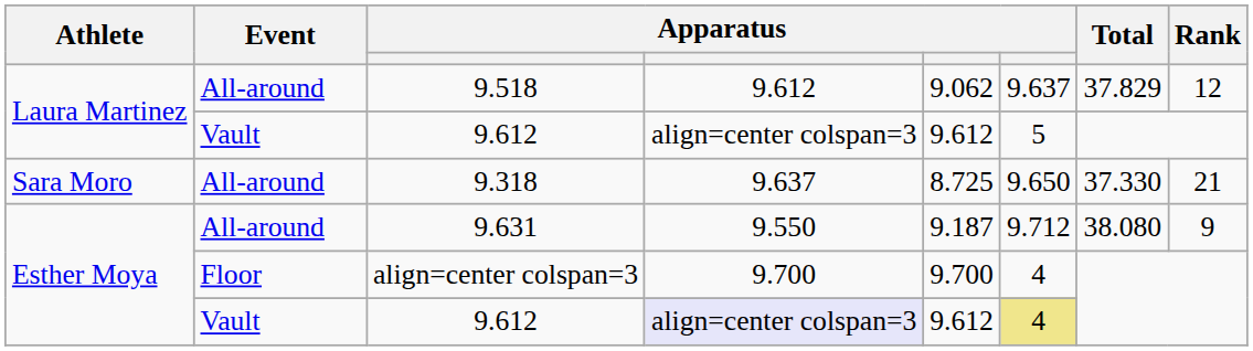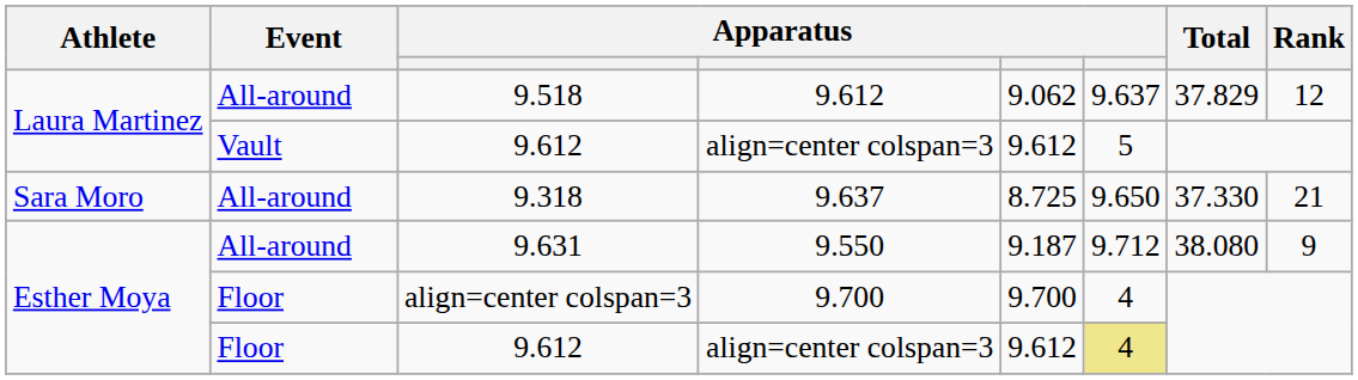 <table class="wikitable" style="font-size:90%">
 <tr>
 <th rowspan=2>Athlete</th>
 <th rowspan=2>Event</th>
 <th colspan =4>Apparatus</th>
 <th rowspan=2>Total</th>
 <th rowspan=2>Rank</th>
 </tr>
 <tr style="font-size:95%">
 <th></th>
 <th></th>
 <th></th>
 <th></th>
 </tr>
 <tr>
 <td rowspan=2 align=left><a href='#'>Laura Martinez</a></td>
 <td align=left><a href='#'>All-around</a>     </td>
 <td align=center>9.518</td>
 <td align=center>9.612</td>
 <td align=center>9.062</td>
 <td align=center>9.637</td>
 <td align=center>37.829</td>
 <td align=center>12</td>
 </tr>
 <tr>
 <td align=left><a href='#'>Vault</a></td>
 <td align=center>9.612</td>
 <td>align=center colspan=3 </td>
 <td align=center>9.612</td>
 <td align=center>5</td>
 </tr>
 <tr>
 <td align=left><a href='#'>Sara Moro</a></td>
 <td align=left><a href='#'>All-around</a></td>
 <td align=center>9.318</td>
 <td align=center>9.637</td>
 <td align=center>8.725</td>
 <td align=center>9.650</td>
 <td align=center>37.330</td>
 <td align=center>21</td>
 </tr>
 <tr>
 <td rowspan=3 align=left><a href='#'>Esther Moya</a></td>
 <td align=left><a href='#'>All-around</a></td>
 <td align=center>9.631</td>
 <td align=center>9.550</td>
 <td align=center>9.187</td>
 <td align=center>9.712</td>
 <td align=center>38.080</td>
 <td align=center>9</td>
 </tr>
 <tr>
 <td align=left><a href='#'>Floor</a></td>
 <td>align=center colspan=3 </td>
 <td align=center>9.700</td>
 <td align=center>9.700</td>
 <td align=center>4</td>
 </tr>
 <tr>
-<td align=left><a href='#'>Vault</a></td>
+<td align=left><a href='#'>Floor</a></td>
 <td align=center>9.612</td>
-<td style="background: lavender;">align=center colspan=3 </td>
+<td>align=center colspan=3 </td>
 <td align=center>9.612</td>
 <td align=center style="background: khaki;">4</td>
 </tr>
 </table>
